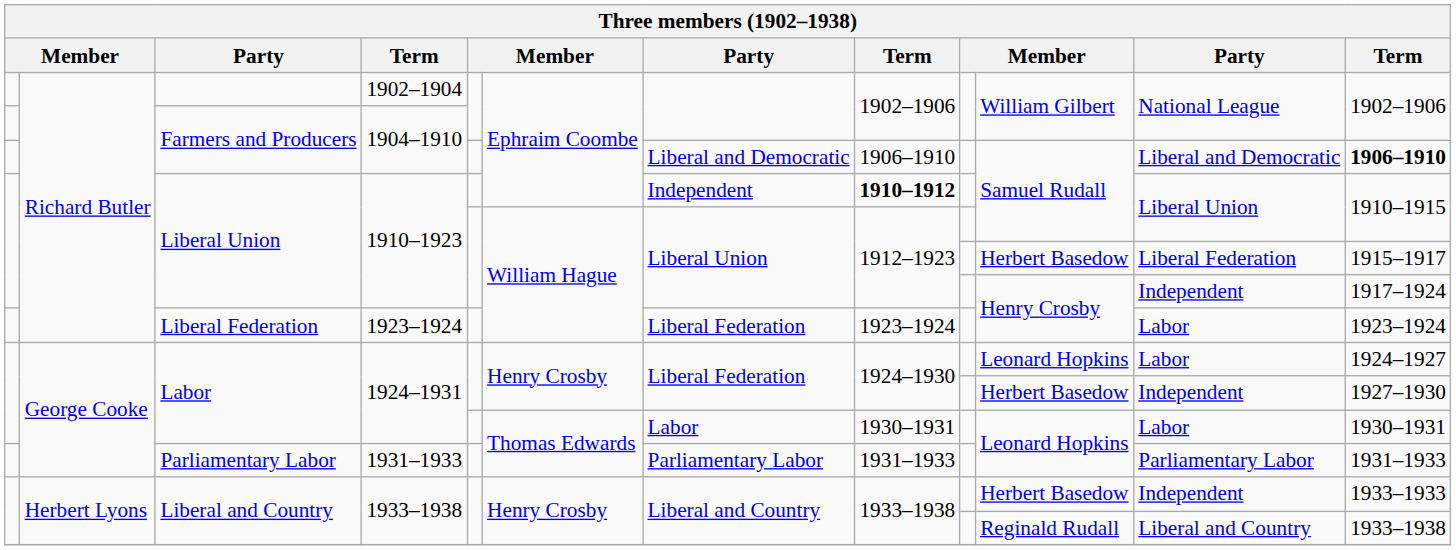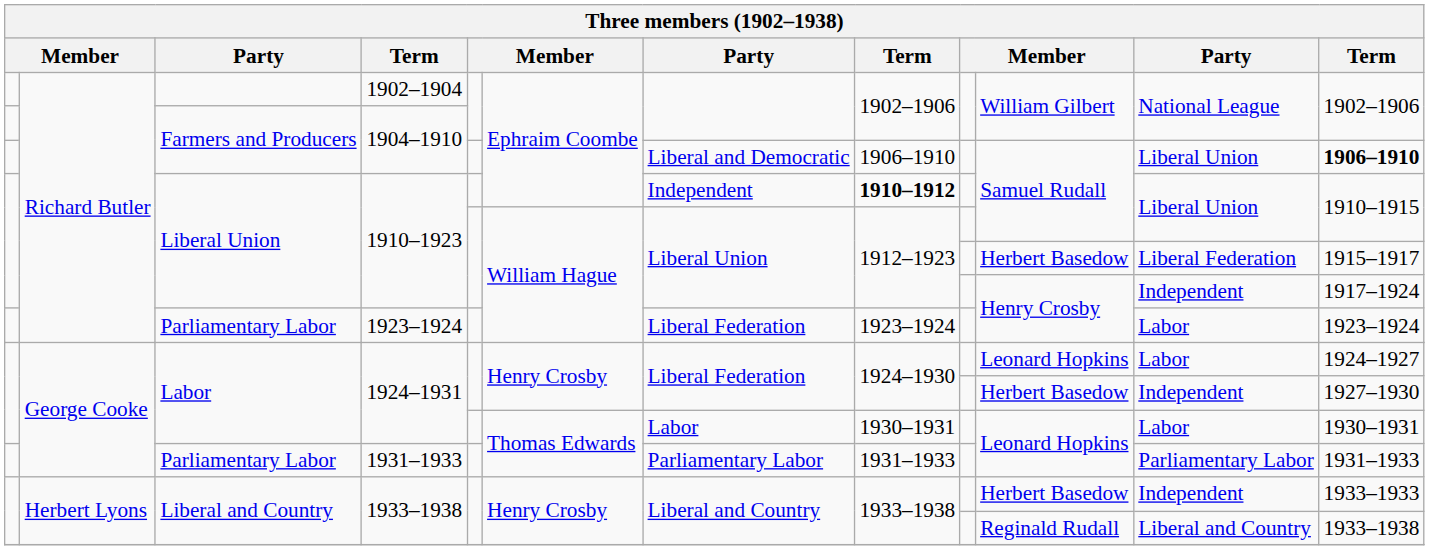 <table class="wikitable">
 <tr>
 <th colspan=12>Three members (1902–1938)</th>
 </tr>
 <tr>
 <th colspan=2>Member</th>
 <th>Party</th>
 <th>Term</th>
 <th colspan=2>Member</th>
 <th>Party</th>
 <th>Term</th>
 <th colspan=2>Member</th>
 <th>Party</th>
 <th>Term</th>
 </tr>
 <tr>
 <td> </td>
 <td rowspan=8><a href='#'>Richard Butler</a></td>
 <td></td>
 <td>1902–1904</td>
 <td rowspan=2 > </td>
 <td rowspan=4><a href='#'>Ephraim Coombe</a></td>
 <td rowspan=2></td>
 <td rowspan=2>1902–1906</td>
 <td rowspan=2 > </td>
 <td rowspan=2><a href='#'>William Gilbert</a></td>
 <td rowspan=2><a href='#'>National League</a></td>
 <td rowspan=2>1902–1906</td>
 </tr>
 <tr>
 <td> </td>
 <td rowspan=2><a href='#'>Farmers and Producers</a></td>
 <td rowspan=2>1904–1910</td>
 </tr>
 <tr>
 <td> </td>
 <td> </td>
 <td><a href='#'>Liberal and Democratic</a></td>
 <td>1906–1910</td>
 <td> </td>
 <td rowspan=3><a href='#'>Samuel Rudall</a></td>
-<td><a href='#'>Liberal and Democratic</a></td>
+<td><a href='#'>Liberal Union</a></td>
 <td><strong>1906–1910</strong></td>
 </tr>
 <tr>
 <td rowspan=4 > </td>
 <td rowspan=4><a href='#'>Liberal Union</a></td>
 <td rowspan=4>1910–1923</td>
 <td> </td>
 <td><a href='#'>Independent</a></td>
 <td><strong>1910–1912</strong></td>
 <td> </td>
 <td rowspan=2><a href='#'>Liberal Union</a></td>
 <td rowspan=2>1910–1915</td>
 </tr>
 <tr>
 <td rowspan=3 > </td>
 <td rowspan=5><a href='#'>William Hague</a></td>
 <td rowspan=3><a href='#'>Liberal Union</a></td>
 <td rowspan=3>1912–1923</td>
 <td> </td>
 </tr>
 <tr>
 <td> </td>
 <td><a href='#'>Herbert Basedow</a></td>
 <td><a href='#'>Liberal Federation</a></td>
 <td>1915–1917</td>
 </tr>
 <tr>
 <td> </td>
 <td rowspan=2><a href='#'>Henry Crosby</a></td>
 <td><a href='#'>Independent</a></td>
 <td>1917–1924</td>
 </tr>
 <tr>
 <td> </td>
-<td><a href='#'>Liberal Federation</a></td>
+<td><a href='#'>Parliamentary Labor</a></td>
 <td>1923–1924</td>
 <td rowspan=2 > </td>
 <td rowspan=2><a href='#'>Liberal Federation</a></td>
 <td rowspan=2>1923–1924</td>
 <td> </td>
 <td><a href='#'>Labor</a></td>
 <td>1923–1924</td>
 </tr>
 <tr>
 <td rowspan=4 > </td>
 <td rowspan=5><a href='#'>George Cooke</a></td>
 <td rowspan=4><a href='#'>Labor</a></td>
 <td rowspan=4>1924–1931</td>
 <td rowspan=2 > </td>
 <td rowspan=2><a href='#'>Leonard Hopkins</a></td>
 <td rowspan=2><a href='#'>Labor</a></td>
 <td rowspan=2>1924–1927</td>
 </tr>
 <tr>
 <td rowspan=2 > </td>
 <td rowspan=2><a href='#'>Henry Crosby</a></td>
 <td rowspan=2><a href='#'>Liberal Federation</a></td>
 <td rowspan=2>1924–1930</td>
 </tr>
 <tr>
 <td> </td>
 <td><a href='#'>Herbert Basedow</a></td>
 <td><a href='#'>Independent</a></td>
 <td>1927–1930</td>
 </tr>
 <tr>
 <td> </td>
 <td rowspan=2><a href='#'>Thomas Edwards</a></td>
 <td><a href='#'>Labor</a></td>
 <td>1930–1931</td>
 <td> </td>
 <td rowspan=2><a href='#'>Leonard Hopkins</a></td>
 <td><a href='#'>Labor</a></td>
 <td>1930–1931</td>
 </tr>
 <tr>
 <td> </td>
 <td><a href='#'>Parliamentary Labor</a></td>
 <td>1931–1933</td>
 <td> </td>
 <td><a href='#'>Parliamentary Labor</a></td>
 <td>1931–1933</td>
 <td> </td>
 <td><a href='#'>Parliamentary Labor</a></td>
 <td>1931–1933</td>
 </tr>
 <tr>
 <td rowspan=2 > </td>
 <td rowspan=2><a href='#'>Herbert Lyons</a></td>
 <td rowspan=2><a href='#'>Liberal and Country</a></td>
 <td rowspan=2>1933–1938</td>
 <td rowspan=2 > </td>
 <td rowspan=2><a href='#'>Henry Crosby</a></td>
 <td rowspan=2><a href='#'>Liberal and Country</a></td>
 <td rowspan=2>1933–1938</td>
 <td> </td>
 <td><a href='#'>Herbert Basedow</a></td>
 <td><a href='#'>Independent</a></td>
 <td>1933–1933</td>
 </tr>
 <tr>
 <td> </td>
 <td><a href='#'>Reginald Rudall</a></td>
 <td><a href='#'>Liberal and Country</a></td>
 <td>1933–1938</td>
 </tr>
 <tr>
 </tr>
 </table>
